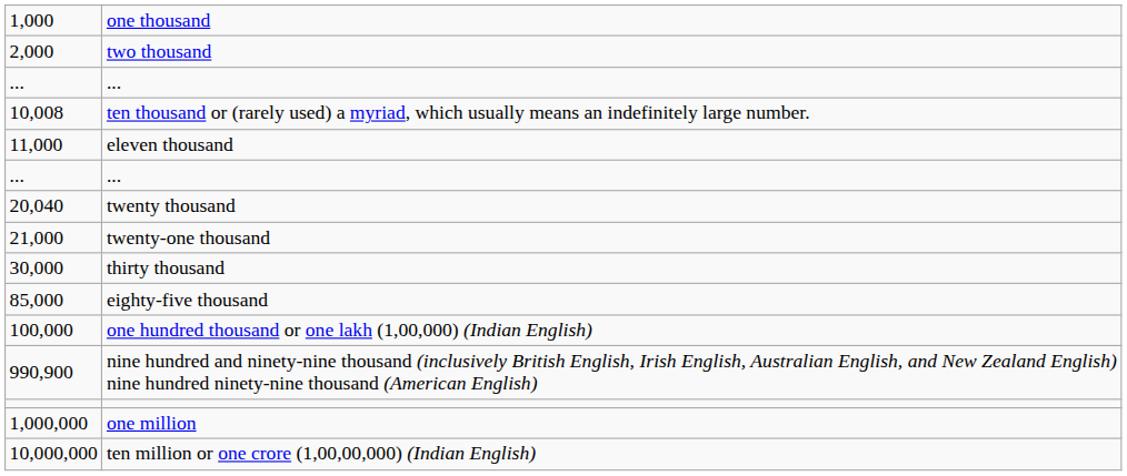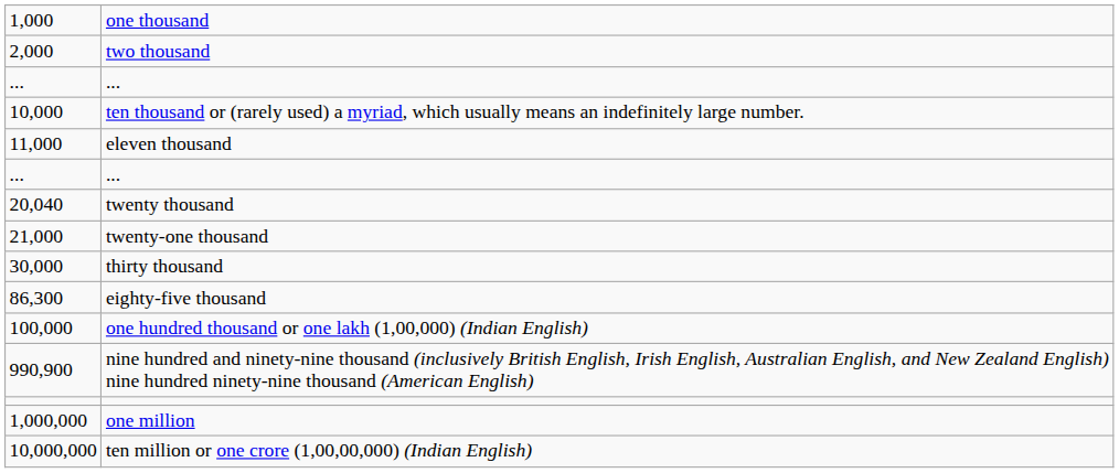 <table class="wikitable">
 <tr>
 <td>1,000</td>
 <td><a href='#'>one thousand</a></td>
 </tr>
 <tr>
 <td>2,000</td>
 <td><a href='#'>two thousand</a></td>
 </tr>
 <tr>
 <td>...</td>
 <td>...</td>
 </tr>
 <tr>
-<td>10,008</td>
+<td>10,000</td>
 <td><a href='#'>ten thousand</a> or (rarely used) a <a href='#'>myriad</a>, which usually means an indefinitely large number.</td>
 </tr>
 <tr>
 <td>11,000</td>
 <td>eleven thousand</td>
 </tr>
 <tr>
 <td>...</td>
 <td>...</td>
 </tr>
 <tr>
 <td>20,040</td>
 <td>twenty thousand</td>
 </tr>
 <tr>
 <td>21,000</td>
 <td>twenty-one thousand</td>
 </tr>
 <tr>
 <td>30,000</td>
 <td>thirty thousand</td>
 </tr>
 <tr>
-<td>85,000</td>
+<td>86,300</td>
 <td>eighty-five thousand</td>
 </tr>
 <tr>
 <td>100,000</td>
 <td><a href='#'>one hundred thousand</a> or <a href='#'>one lakh</a> (1,00,000) <em>(Indian English)</em></td>
 </tr>
 <tr>
 <td>990,900</td>
 <td>nine hundred and ninety-nine thousand <em>(inclusively British English, Irish English, Australian English, and New Zealand English)</em><br>nine hundred ninety-nine thousand <em>(American English)</em></td>
 </tr>
 <tr>
 <td></td>
 <td></td>
 </tr>
 <tr>
 <td>1,000,000</td>
 <td><a href='#'>one million</a></td>
 </tr>
 <tr>
 <td>10,000,000</td>
 <td>ten million or <a href='#'>one crore</a> (1,00,00,000) <em>(Indian English)</em></td>
 </tr>
 </table>
